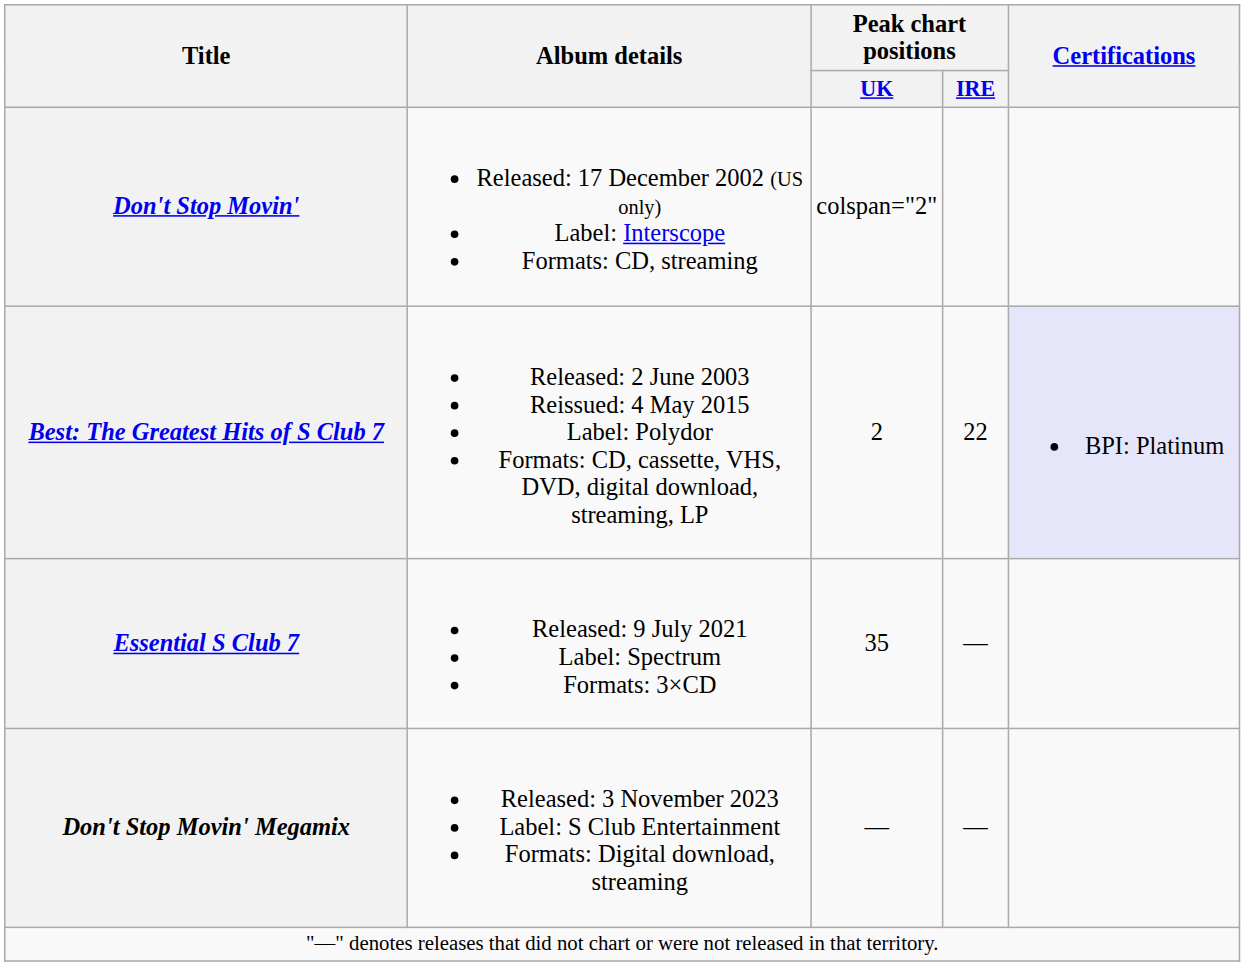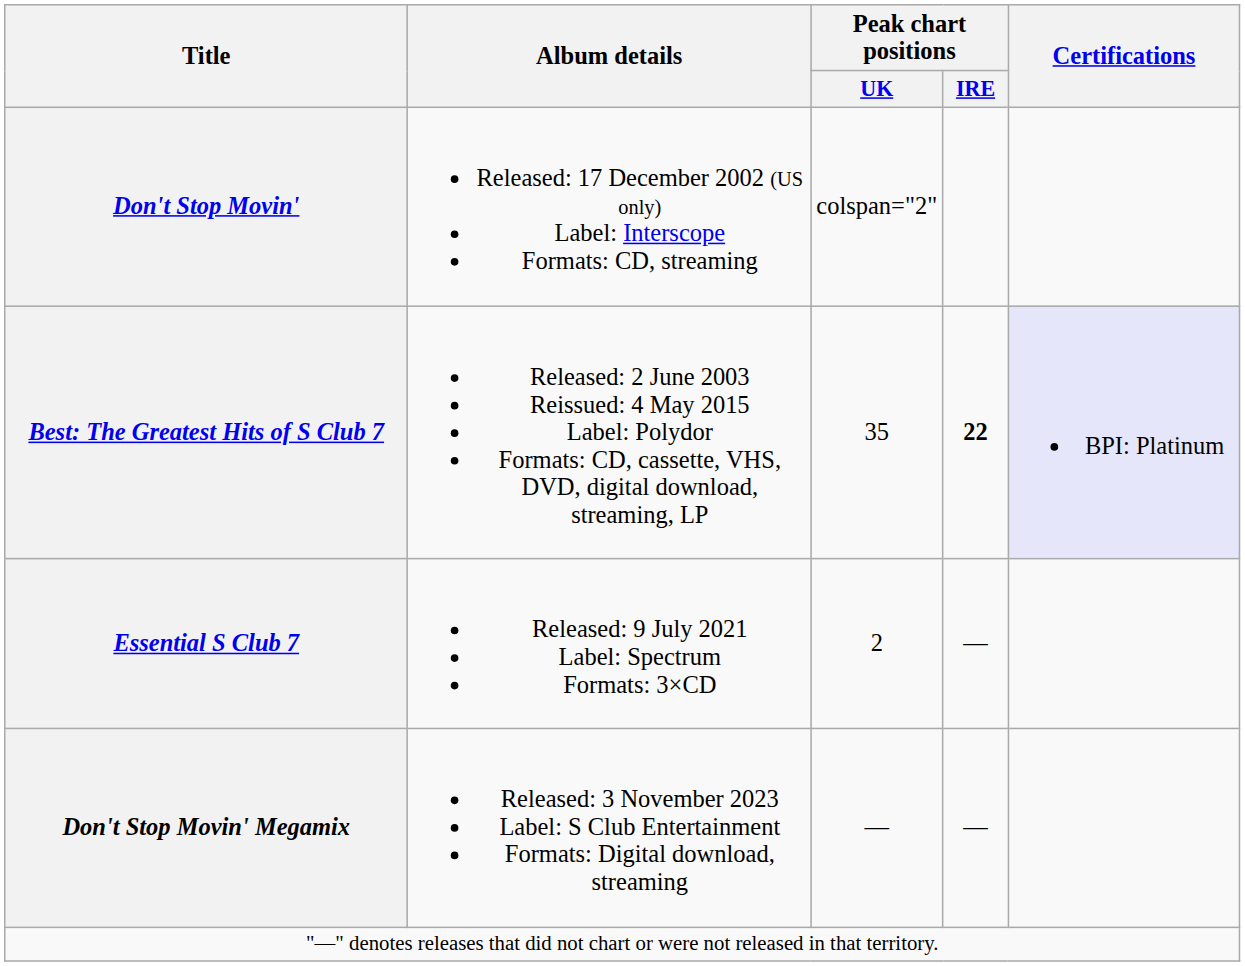 <table class="wikitable plainrowheaders" style="text-align:center;">
 <tr>
 <th scope="col" rowspan="2" style="width:16em;">Title</th>
 <th scope="col" rowspan="2" style="width:16em;">Album details</th>
 <th scope="col" colspan="2">Peak chart<br>positions</th>
 <th scope="col" rowspan="2" style="width:9em;"><a href='#'>Certifications</a></th>
 </tr>
 <tr>
 <th scope="col" style="width:2.5em;font-size:90%;"><a href='#'>UK</a><br></th>
 <th scope="col" style="width:2.5em;font-size:90%;"><a href='#'>IRE</a><br></th>
 </tr>
 <tr>
 <th scope="row"><em><a href='#'>Don't Stop Movin'</a></em></th>
 <td><br><ul><li>Released: 17 December 2002 <small>(US only)</small></li><li>Label: <a href='#'>Interscope</a></li><li>Formats: CD, streaming</li></ul></td>
 <td>colspan="2" </td>
 <td></td>
 </tr>
 <tr>
 <th scope="row"><em><a href='#'>Best: The Greatest Hits of S Club 7</a></em></th>
 <td><br><ul><li>Released: 2 June 2003</li><li>Reissued: 4 May 2015</li><li>Label: Polydor</li><li>Formats: CD, cassette, VHS, DVD, digital download, streaming, LP</li></ul></td>
-<td>2</td>
-<td>22</td>
+<td>35</td>
+<td><strong>22</strong></td>
 <td style="background: lavender;"><br><ul><li>BPI: Platinum</li></ul></td>
 </tr>
 <tr>
 <th scope="row"><em><a href='#'>Essential S Club 7</a></em></th>
 <td><br><ul><li>Released: 9 July 2021</li><li>Label: Spectrum</li><li>Formats: 3×CD</li></ul></td>
-<td>35</td>
+<td>2</td>
 <td>—</td>
 <td></td>
 </tr>
 <tr>
 <th scope="row"><em>Don't Stop Movin' Megamix</em></th>
 <td><br><ul><li>Released: 3 November 2023</li><li>Label: S Club Entertainment</li><li>Formats: Digital download, streaming</li></ul></td>
 <td>—</td>
 <td>—</td>
 <td></td>
 </tr>
 <tr>
 <td colspan="14" style="font-size:85%">"—" denotes releases that did not chart or were not released in that territory.</td>
 </tr>
 </table>
